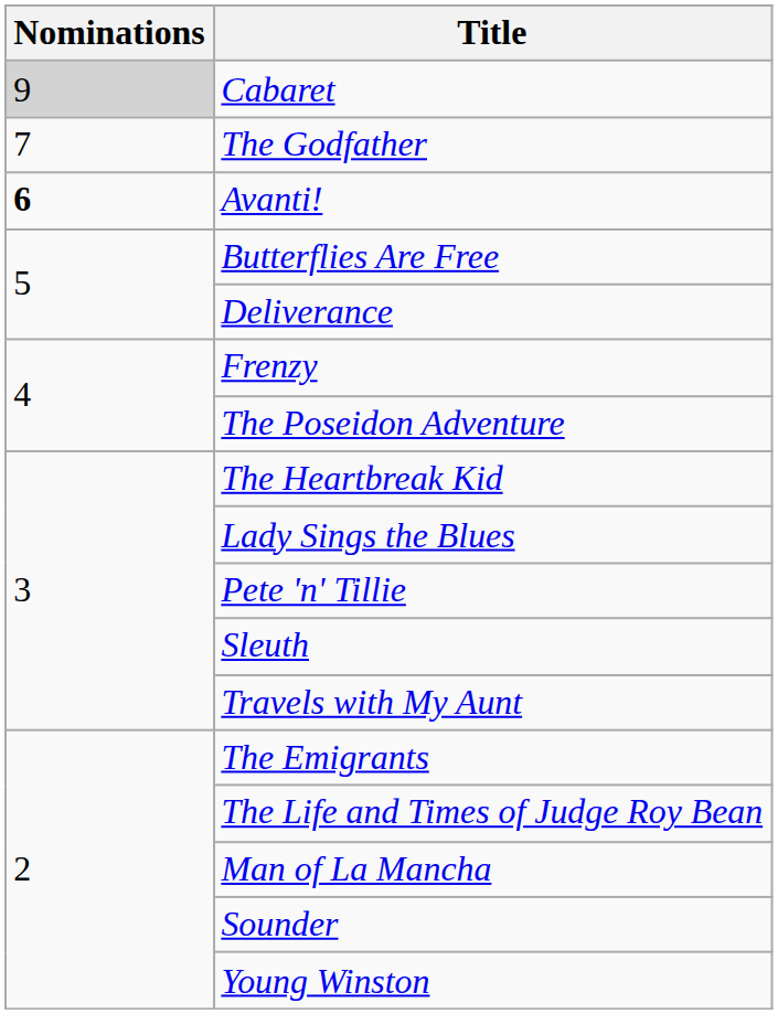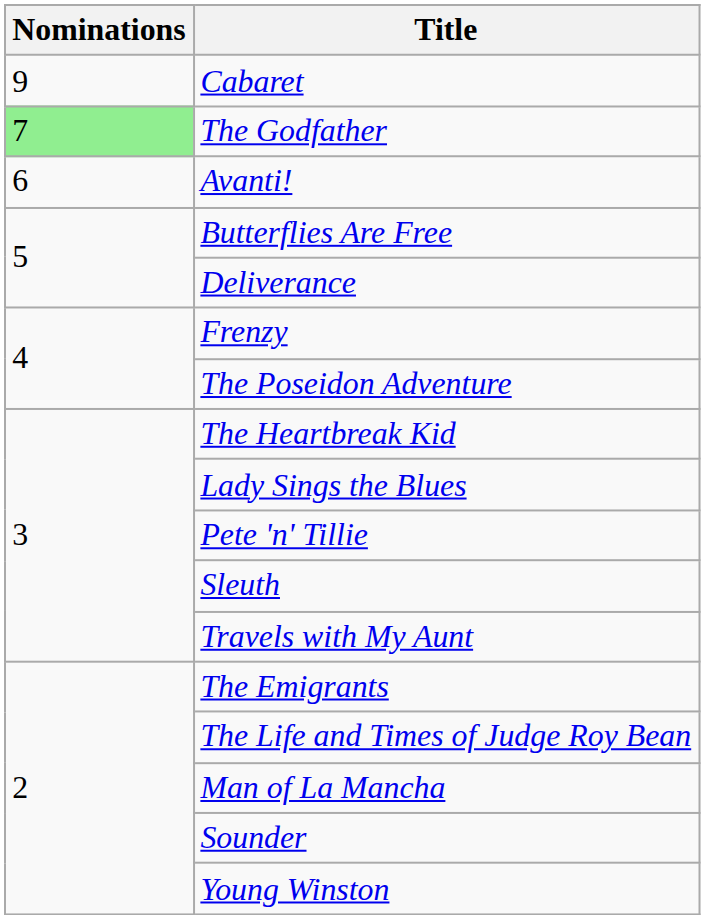 <table class="wikitable">
 <tr>
 <th>Nominations</th>
 <th>Title</th>
 </tr>
 <tr>
-<td style="background: lightgrey;">9</td>
+<td>9</td>
 <td><em><a href='#'>Cabaret</a></em></td>
 </tr>
 <tr>
-<td>7</td>
+<td style="background: lightgreen;">7</td>
 <td><em><a href='#'>The Godfather</a></em></td>
 </tr>
 <tr>
-<td><strong>6</strong></td>
+<td>6</td>
 <td><em><a href='#'>Avanti!</a></em></td>
 </tr>
 <tr>
 <td rowspan="2">5</td>
 <td><em><a href='#'>Butterflies Are Free</a></em></td>
 </tr>
 <tr>
 <td><em><a href='#'>Deliverance</a></em></td>
 </tr>
 <tr>
 <td rowspan="2">4</td>
 <td><em><a href='#'>Frenzy</a></em></td>
 </tr>
 <tr>
 <td><em><a href='#'>The Poseidon Adventure</a></em></td>
 </tr>
 <tr>
 <td rowspan="5">3</td>
 <td><em><a href='#'>The Heartbreak Kid</a></em></td>
 </tr>
 <tr>
 <td><em><a href='#'>Lady Sings the Blues</a></em></td>
 </tr>
 <tr>
 <td><em><a href='#'>Pete 'n' Tillie</a></em></td>
 </tr>
 <tr>
 <td><em><a href='#'>Sleuth</a></em></td>
 </tr>
 <tr>
 <td><em><a href='#'>Travels with My Aunt</a></em></td>
 </tr>
 <tr>
 <td rowspan="5">2</td>
 <td><em><a href='#'>The Emigrants</a></em></td>
 </tr>
 <tr>
 <td><em><a href='#'>The Life and Times of Judge Roy Bean</a></em></td>
 </tr>
 <tr>
 <td><em><a href='#'>Man of La Mancha</a></em></td>
 </tr>
 <tr>
 <td><em><a href='#'>Sounder</a></em></td>
 </tr>
 <tr>
 <td><em><a href='#'>Young Winston</a></em></td>
 </tr>
 </table>
